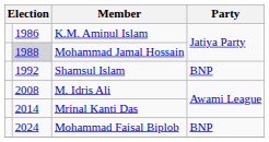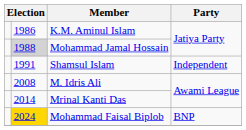 <table class="wikitable">
 <tr>
 <th colspan="2">Election</th>
 <th>Member</th>
 <th>Party</th>
 </tr>
 <tr>
 <td style="background-color:"></td>
 <td><a href='#'>1986</a></td>
 <td><a href='#'>K.M. Aminul Islam</a></td>
 <td rowspan="2"><a href='#'>Jatiya Party</a></td>
 </tr>
 <tr>
 <td style="background-color:"></td>
 <td style="background: lightgrey;"><a href='#'>1988</a></td>
 <td><a href='#'>Mohammad Jamal Hossain</a></td>
 </tr>
 <tr>
 <td style="background-color:"></td>
-<td><a href='#'>1992</a></td>
+<td><a href='#'>1991</a></td>
 <td><a href='#'>Shamsul Islam</a></td>
-<td><a href='#'>BNP</a></td>
+<td><a href='#'>Independent</a></td>
 </tr>
 <tr>
 <td style="background-color:"></td>
 <td><a href='#'>2008</a></td>
 <td><a href='#'>M. Idris Ali</a></td>
 <td rowspan="2"><a href='#'>Awami League</a></td>
 </tr>
 <tr>
 <td style="background-color:"></td>
 <td><a href='#'>2014</a></td>
 <td><a href='#'>Mrinal Kanti Das</a></td>
 </tr>
 <tr>
 <td style="background-color:"></td>
-<td><a href='#'>2024</a></td>
+<td style="background: gold;"><a href='#'>2024</a></td>
 <td><a href='#'>Mohammad Faisal Biplob</a></td>
 <td><a href='#'>BNP</a></td>
 </tr>
 <tr>
 </tr>
 </table>
